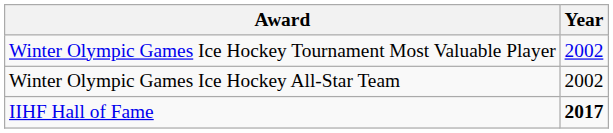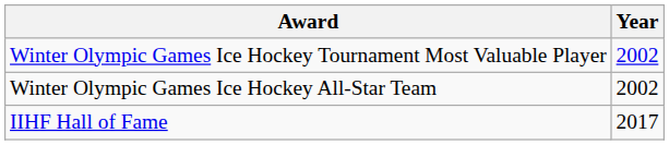 <table class="wikitable">
 <tr>
 <th>Award</th>
 <th>Year</th>
 </tr>
 <tr>
 <td><a href='#'>Winter Olympic Games</a> Ice Hockey Tournament Most Valuable Player</td>
 <td><a href='#'>2002</a></td>
 </tr>
 <tr>
 <td>Winter Olympic Games Ice Hockey All-Star Team</td>
 <td>2002</td>
 </tr>
 <tr>
 <td><a href='#'>IIHF Hall of Fame</a></td>
-<td><strong>2017</strong></td>
+<td>2017</td>
 </tr>
 </table>
